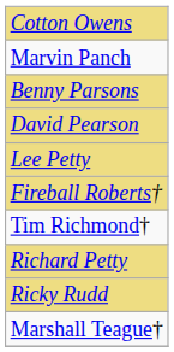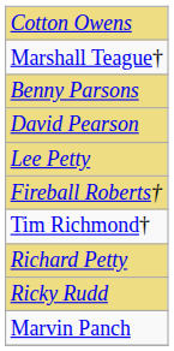 <table class="wikitable" style="float:left;">
 <tr>
 <td style="background:#eedd82"><em><a href='#'>Cotton Owens</a></em></td>
 </tr>
 <tr>
-<td><a href='#'>Marvin Panch</a></td>
+<td><a href='#'>Marshall Teague</a>†</td>
 </tr>
 <tr>
 <td style="background:#eedd82"><em><a href='#'>Benny Parsons</a></em></td>
 </tr>
 <tr>
 <td style="background:#eedd82"><em><a href='#'>David Pearson</a></em></td>
 </tr>
 <tr>
 <td style="background:#eedd82"><em><a href='#'>Lee Petty</a></em></td>
 </tr>
 <tr>
 <td style="background:#eedd82"><em><a href='#'>Fireball Roberts</a>†</em></td>
 </tr>
 <tr>
 <td><a href='#'>Tim Richmond</a>†</td>
 </tr>
 <tr>
 <td style="background:#eedd82"><em><a href='#'>Richard Petty</a></em></td>
 </tr>
 <tr>
 <td style="background:#eedd82"><em><a href='#'>Ricky Rudd</a></em></td>
 </tr>
 <tr>
-<td><a href='#'>Marshall Teague</a>†</td>
+<td><a href='#'>Marvin Panch</a></td>
 </tr>
 <tr>
 </tr>
 </table>
